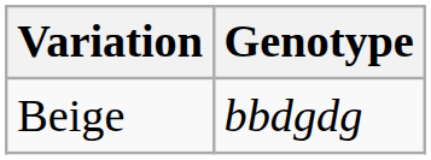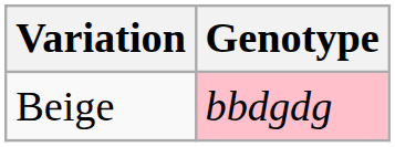 <table class="wikitable" style="margin:1em auto;">
 <tr>
 <th>Variation</th>
 <th>Genotype</th>
 </tr>
 <tr>
 <td>Beige</td>
-<td><em>bbdgdg</em></td>
+<td style="background: pink;"><em>bbdgdg</em></td>
 </tr>
 </table>
